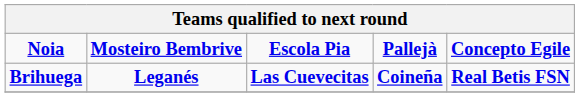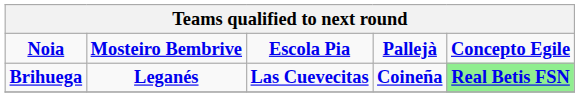 <table class="wikitable" style="text-align: center; margin: 0 auto;">
 <tr>
 <th colspan=5>Teams qualified to next round</th>
 </tr>
 <tr>
 <td><strong><a href='#'>Noia</a></strong></td>
 <td><strong><a href='#'>Mosteiro Bembrive</a></strong></td>
 <td><strong><a href='#'>Escola Pia</a></strong></td>
 <td><strong><a href='#'>Pallejà</a></strong></td>
 <td><strong><a href='#'>Concepto Egile</a></strong></td>
 </tr>
 <tr>
 <td><strong><a href='#'>Brihuega</a></strong></td>
 <td><strong><a href='#'>Leganés</a></strong></td>
 <td><strong><a href='#'>Las Cuevecitas</a></strong></td>
 <td><strong><a href='#'>Coineña</a></strong></td>
-<td><strong><a href='#'>Real Betis FSN</a></strong></td>
+<td style="background: lightgreen;"><strong><a href='#'>Real Betis FSN</a></strong></td>
 </tr>
 <tr>
 </tr>
 </table>
